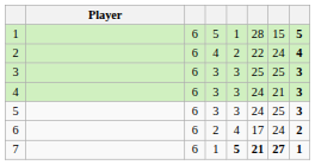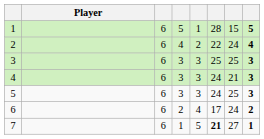 <table class="wikitable" style="text-align:center; margin: 1em auto 1em auto, align:left">
 <tr>
 <th width=20></th>
 <th width=200>Player</th>
 <th width=20></th>
 <th width=20></th>
 <th width=20></th>
 <th width=20></th>
 <th width=20></th>
 <th width=20></th>
 </tr>
 <tr style="background:#D0F0C0;">
 <td>1</td>
 <td align=left></td>
 <td>6</td>
 <td>5</td>
 <td>1</td>
 <td>28</td>
 <td>15</td>
 <td><strong>5</strong></td>
 </tr>
 <tr style="background:#D0F0C0;">
 <td>2</td>
 <td align=left></td>
 <td>6</td>
 <td>4</td>
 <td>2</td>
 <td>22</td>
 <td>24</td>
 <td><strong>4</strong></td>
 </tr>
 <tr style="background:#D0F0C0;">
 <td>3</td>
 <td align=left></td>
 <td>6</td>
 <td>3</td>
 <td>3</td>
 <td>25</td>
 <td>25</td>
 <td><strong>3</strong></td>
 </tr>
 <tr style="background:#D0F0C0;">
 <td>4</td>
 <td align=left></td>
 <td>6</td>
 <td>3</td>
 <td>3</td>
 <td>24</td>
 <td>21</td>
 <td><strong>3</strong></td>
 </tr>
 <tr style=>
 <td>5</td>
 <td align=left></td>
 <td>6</td>
 <td>3</td>
 <td>3</td>
 <td>24</td>
 <td>25</td>
 <td><strong>3</strong></td>
 </tr>
 <tr style=>
 <td>6</td>
 <td align=left></td>
 <td>6</td>
 <td>2</td>
 <td>4</td>
 <td>17</td>
 <td>24</td>
 <td><strong>2</strong></td>
 </tr>
 <tr style=>
 <td>7</td>
 <td align=left></td>
 <td>6</td>
 <td>1</td>
-<td><strong>5</strong></td>
+<td>5</td>
 <td><strong>21</strong></td>
-<td><strong>27</strong></td>
+<td>27</td>
 <td><strong>1</strong></td>
 </tr>
 </table>
